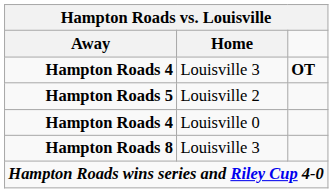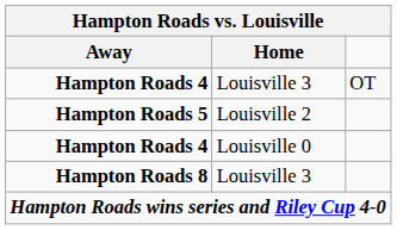 <table class="wikitable">
 <tr>
 <th bgcolor="#DDDDDD" colspan="4">Hampton Roads vs. Louisville</th>
 </tr>
 <tr>
 <th>Away</th>
 <th>Home</th>
 </tr>
 <tr>
 <td align="right"><strong>Hampton Roads 4</strong></td>
 <td>Louisville 3</td>
-<td><strong>OT</strong></td>
+<td>OT</td>
 </tr>
 <tr>
 <td align="right"><strong>Hampton Roads 5</strong></td>
 <td>Louisville 2</td>
 <td></td>
 </tr>
 <tr>
 <td align="right"><strong>Hampton Roads 4</strong></td>
 <td>Louisville 0</td>
 <td></td>
 </tr>
 <tr>
 <td align="right"><strong>Hampton Roads 8</strong></td>
 <td>Louisville 3</td>
 <td></td>
 </tr>
 <tr align="center">
 <td colspan="4"><strong><em>Hampton Roads wins series and <a href='#'>Riley Cup</a> 4-0</em></strong></td>
 </tr>
 </table>
